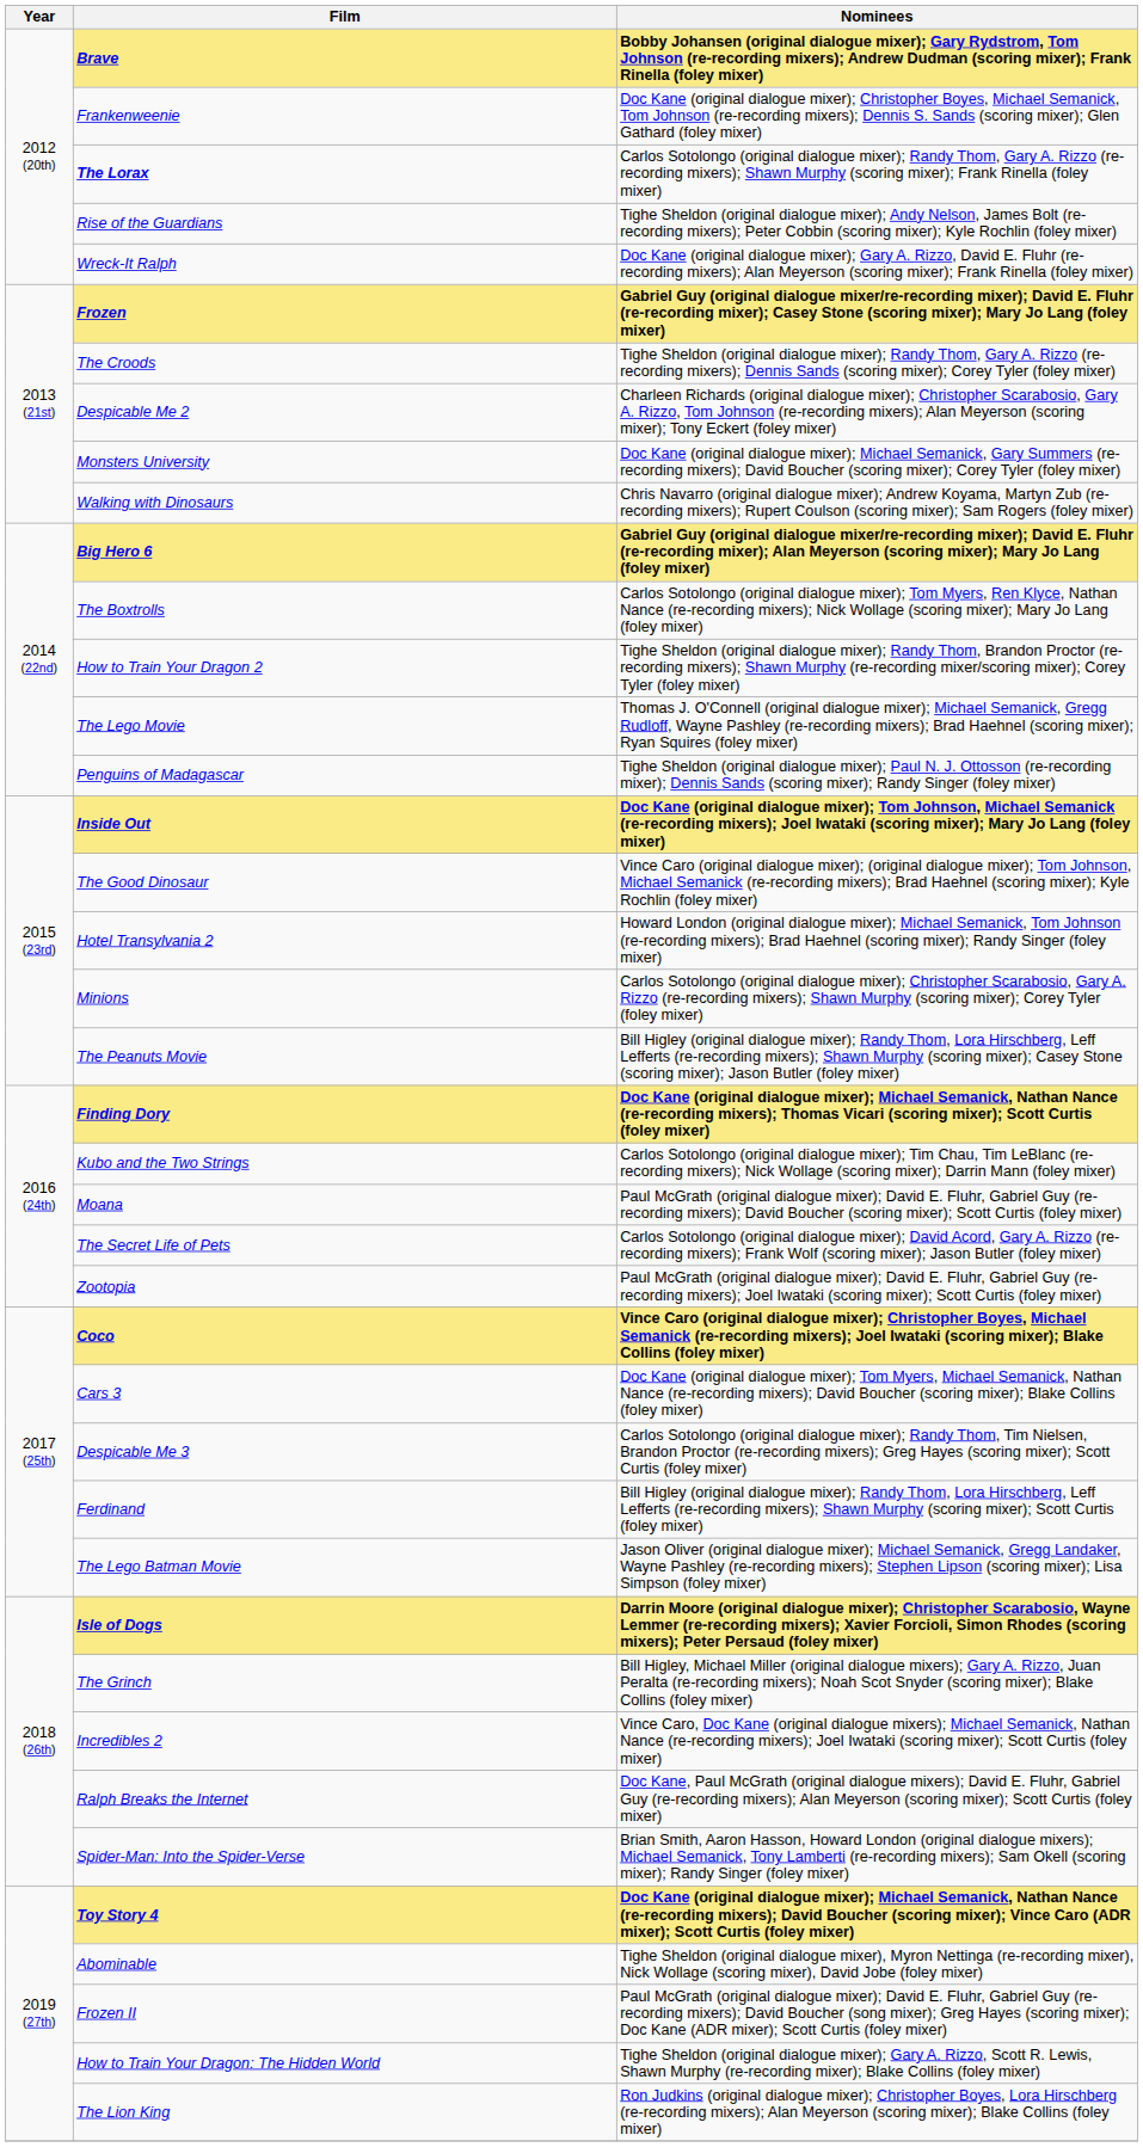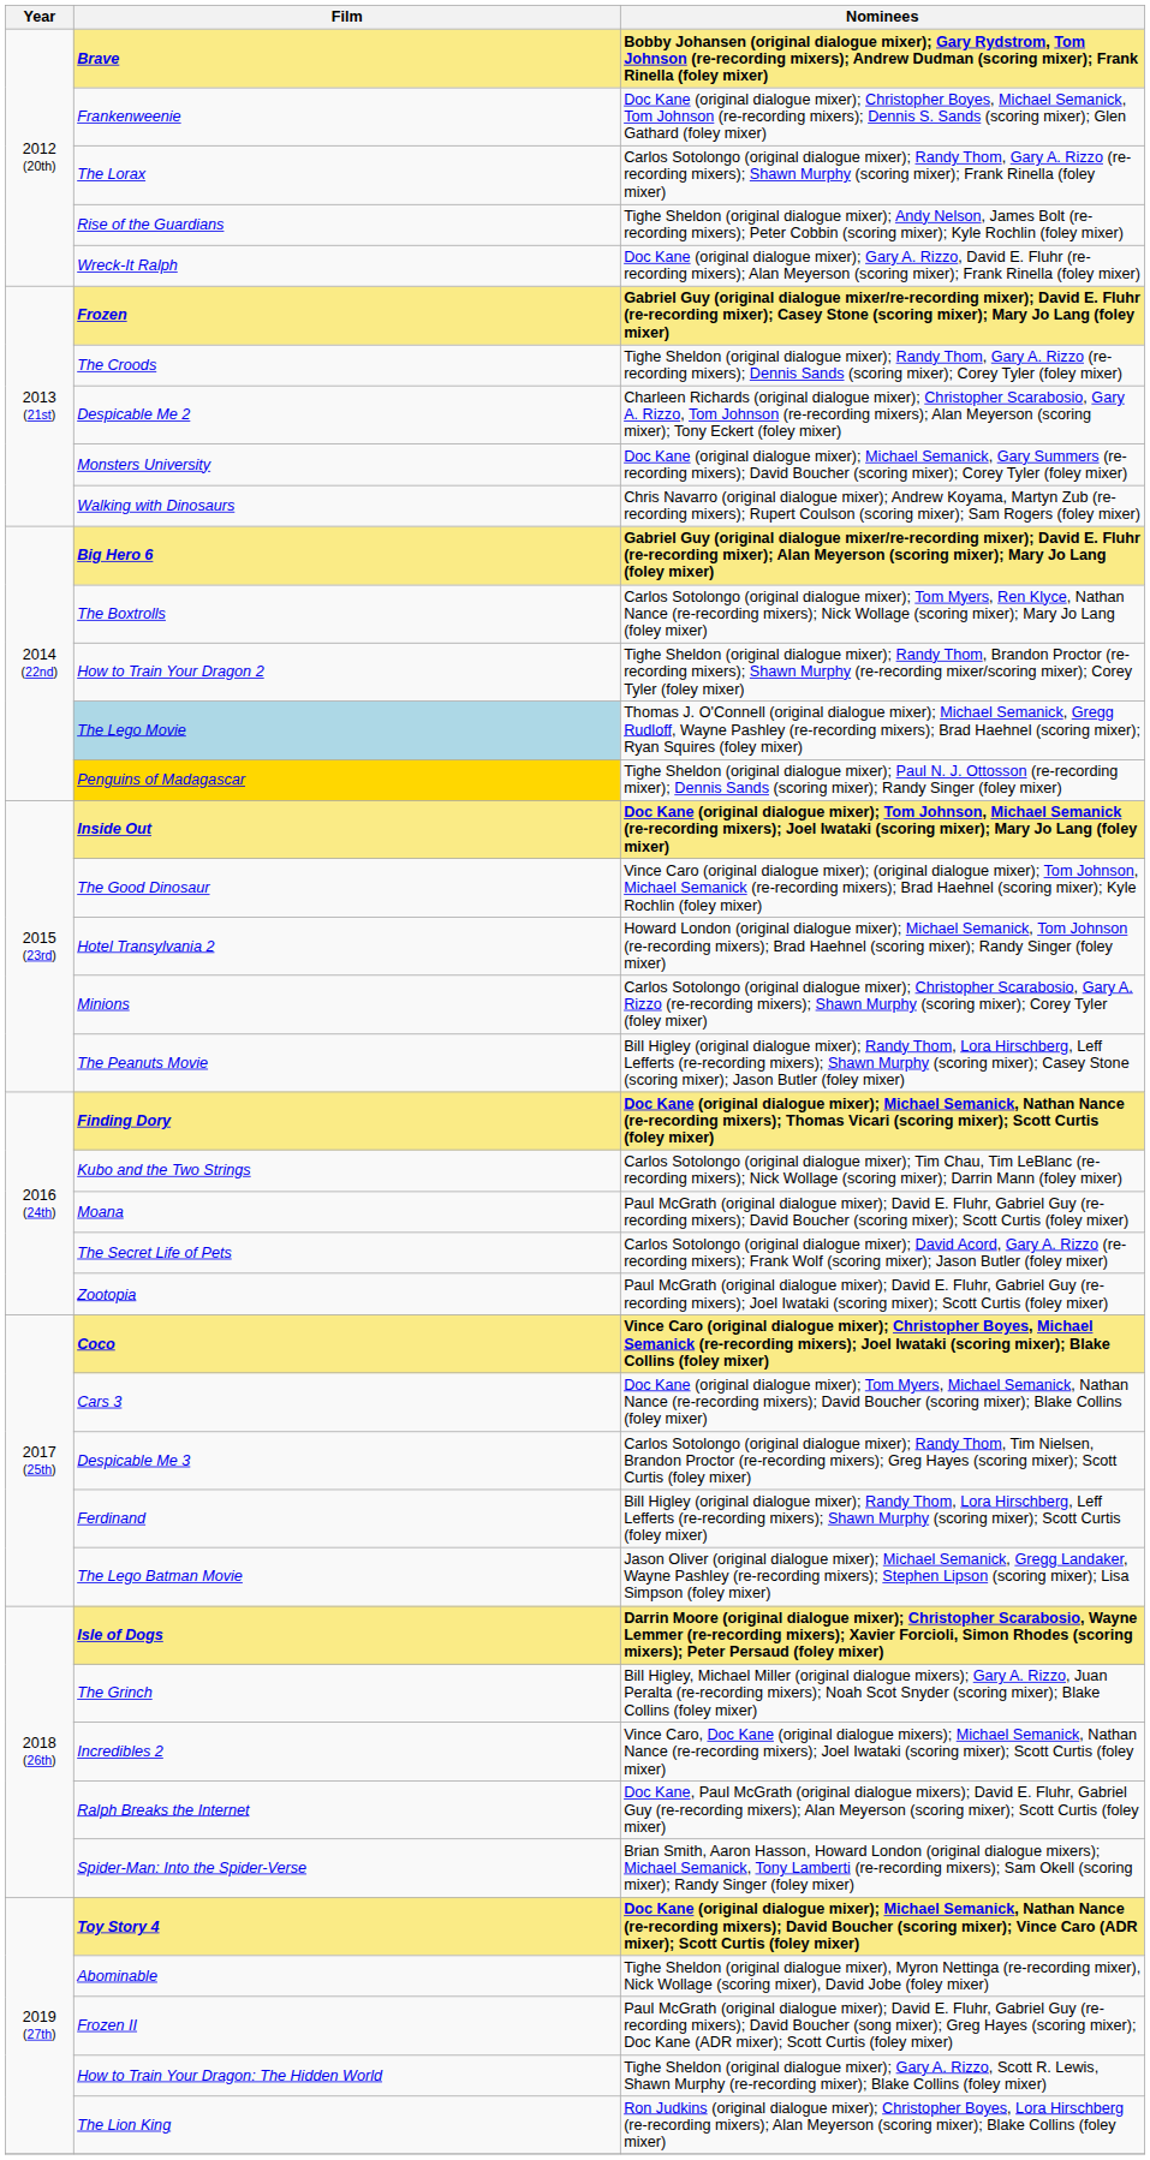 <table class="wikitable" width="95%" cellpadding="5">
 <tr>
 <th width="6%">Year</th>
 <th width="48%">Film</th>
 <th width="48%">Nominees</th>
 </tr>
 <tr>
 <td rowspan="5" style="text-align:center;">2012 <br><small>(20th)</small><br></td>
 <td style="background:#FAEB86;"><strong><em><a href='#'>Brave</a></em></strong></td>
 <td style="background:#FAEB86;"><strong>Bobby Johansen (original dialogue mixer); <a href='#'>Gary Rydstrom</a>, <a href='#'>Tom Johnson</a> (re-recording mixers); Andrew Dudman (scoring mixer); Frank Rinella (foley mixer)</strong></td>
 </tr>
 <tr>
 <td><em><a href='#'>Frankenweenie</a></em></td>
 <td><a href='#'>Doc Kane</a> (original dialogue mixer); <a href='#'>Christopher Boyes</a>, <a href='#'>Michael Semanick</a>, <a href='#'>Tom Johnson</a> (re-recording mixers); <a href='#'>Dennis S. Sands</a> (scoring mixer); Glen Gathard (foley mixer)</td>
 </tr>
 <tr>
-<td><strong><em><a href='#'>The Lorax</a></em></strong></td>
+<td><em><a href='#'>The Lorax</a></em></td>
 <td>Carlos Sotolongo (original dialogue mixer); <a href='#'>Randy Thom</a>, <a href='#'>Gary A. Rizzo</a> (re-recording mixers); <a href='#'>Shawn Murphy</a> (scoring mixer); Frank Rinella (foley mixer)</td>
 </tr>
 <tr>
 <td><em><a href='#'>Rise of the Guardians</a></em></td>
 <td>Tighe Sheldon (original dialogue mixer); <a href='#'>Andy Nelson</a>, James Bolt (re-recording mixers); Peter Cobbin (scoring mixer); Kyle Rochlin (foley mixer)</td>
 </tr>
 <tr>
 <td><em><a href='#'>Wreck-It Ralph</a></em></td>
 <td><a href='#'>Doc Kane</a> (original dialogue mixer); <a href='#'>Gary A. Rizzo</a>, David E. Fluhr (re-recording mixers); Alan Meyerson (scoring mixer); Frank Rinella (foley mixer)</td>
 </tr>
 <tr>
 <td rowspan="5" style="text-align:center;">2013 <br><small>(<a href='#'>21st</a>)</small><br></td>
 <td style="background:#FAEB86;"><strong><em><a href='#'>Frozen</a></em></strong></td>
 <td style="background:#FAEB86;"><strong>Gabriel Guy (original dialogue mixer/re-recording mixer); David E. Fluhr (re-recording mixer); Casey Stone (scoring mixer); Mary Jo Lang (foley mixer)</strong></td>
 </tr>
 <tr>
 <td><em><a href='#'>The Croods</a></em></td>
 <td>Tighe Sheldon (original dialogue mixer); <a href='#'>Randy Thom</a>, <a href='#'>Gary A. Rizzo</a> (re-recording mixers); <a href='#'>Dennis Sands</a> (scoring mixer); Corey Tyler (foley mixer)</td>
 </tr>
 <tr>
 <td><em><a href='#'>Despicable Me 2</a></em></td>
 <td>Charleen Richards (original dialogue mixer); <a href='#'>Christopher Scarabosio</a>, <a href='#'>Gary A. Rizzo</a>, <a href='#'>Tom Johnson</a> (re-recording mixers); Alan Meyerson (scoring mixer); Tony Eckert (foley mixer)</td>
 </tr>
 <tr>
 <td><em><a href='#'>Monsters University</a></em></td>
 <td><a href='#'>Doc Kane</a> (original dialogue mixer); <a href='#'>Michael Semanick</a>, <a href='#'>Gary Summers</a> (re-recording mixers); David Boucher (scoring mixer); Corey Tyler (foley mixer)</td>
 </tr>
 <tr>
 <td><em><a href='#'>Walking with Dinosaurs</a></em></td>
 <td>Chris Navarro (original dialogue mixer); Andrew Koyama, Martyn Zub (re-recording mixers); Rupert Coulson (scoring mixer); Sam Rogers (foley mixer)</td>
 </tr>
 <tr>
 <td rowspan="5" style="text-align:center;">2014 <br><small>(<a href='#'>22nd</a>)</small><br></td>
 <td style="background:#FAEB86;"><strong><em><a href='#'>Big Hero 6</a></em></strong></td>
 <td style="background:#FAEB86;"><strong>Gabriel Guy (original dialogue mixer/re-recording mixer); David E. Fluhr (re-recording mixer); Alan Meyerson (scoring mixer); Mary Jo Lang (foley mixer)</strong></td>
 </tr>
 <tr>
 <td><em><a href='#'>The Boxtrolls</a></em></td>
 <td>Carlos Sotolongo (original dialogue mixer); <a href='#'>Tom Myers</a>, <a href='#'>Ren Klyce</a>, Nathan Nance (re-recording mixers); Nick Wollage (scoring mixer); Mary Jo Lang (foley mixer)</td>
 </tr>
 <tr>
 <td><em><a href='#'>How to Train Your Dragon 2</a></em></td>
 <td>Tighe Sheldon (original dialogue mixer); <a href='#'>Randy Thom</a>, Brandon Proctor (re-recording mixers); <a href='#'>Shawn Murphy</a> (re-recording mixer/scoring mixer); Corey Tyler (foley mixer)</td>
 </tr>
 <tr>
-<td><em><a href='#'>The Lego Movie</a></em></td>
+<td style="background: lightblue;"><em><a href='#'>The Lego Movie</a></em></td>
 <td>Thomas J. O'Connell (original dialogue mixer); <a href='#'>Michael Semanick</a>, <a href='#'>Gregg Rudloff</a>, Wayne Pashley (re-recording mixers); Brad Haehnel (scoring mixer); Ryan Squires (foley mixer)</td>
 </tr>
 <tr>
-<td><em><a href='#'>Penguins of Madagascar</a></em></td>
+<td style="background: gold;"><em><a href='#'>Penguins of Madagascar</a></em></td>
 <td>Tighe Sheldon (original dialogue mixer); <a href='#'>Paul N. J. Ottosson</a> (re-recording mixer); <a href='#'>Dennis Sands</a> (scoring mixer); Randy Singer (foley mixer)</td>
 </tr>
 <tr>
 <td rowspan="5" style="text-align:center;">2015 <br><small>(<a href='#'>23rd</a>)</small><br></td>
 <td style="background:#FAEB86;"><strong><em><a href='#'>Inside Out</a></em></strong></td>
 <td style="background:#FAEB86;"><strong><a href='#'>Doc Kane</a> (original dialogue mixer); <a href='#'>Tom Johnson</a>, <a href='#'>Michael Semanick</a> (re-recording mixers); Joel Iwataki (scoring mixer); Mary Jo Lang (foley mixer)</strong></td>
 </tr>
 <tr>
 <td><em><a href='#'>The Good Dinosaur</a></em></td>
 <td>Vince Caro (original dialogue mixer); (original dialogue mixer); <a href='#'>Tom Johnson</a>, <a href='#'>Michael Semanick</a> (re-recording mixers); Brad Haehnel (scoring mixer); Kyle Rochlin (foley mixer)</td>
 </tr>
 <tr>
 <td><em><a href='#'>Hotel Transylvania 2</a></em></td>
 <td>Howard London (original dialogue mixer); <a href='#'>Michael Semanick</a>, <a href='#'>Tom Johnson</a> (re-recording mixers); Brad Haehnel (scoring mixer); Randy Singer (foley mixer)</td>
 </tr>
 <tr>
 <td><em><a href='#'>Minions</a></em></td>
 <td>Carlos Sotolongo (original dialogue mixer); <a href='#'>Christopher Scarabosio</a>, <a href='#'>Gary A. Rizzo</a> (re-recording mixers); <a href='#'>Shawn Murphy</a> (scoring mixer); Corey Tyler (foley mixer)</td>
 </tr>
 <tr>
 <td><em><a href='#'>The Peanuts Movie</a></em></td>
 <td>Bill Higley (original dialogue mixer); <a href='#'>Randy Thom</a>, <a href='#'>Lora Hirschberg</a>, Leff Lefferts (re-recording mixers); <a href='#'>Shawn Murphy</a> (scoring mixer); Casey Stone (scoring mixer); Jason Butler (foley mixer)</td>
 </tr>
 <tr>
 <td rowspan="5" style="text-align:center;">2016 <br><small>(<a href='#'>24th</a>)</small><br></td>
 <td style="background:#FAEB86;"><strong><em><a href='#'>Finding Dory</a></em></strong></td>
 <td style="background:#FAEB86;"><strong><a href='#'>Doc Kane</a> (original dialogue mixer); <a href='#'>Michael Semanick</a>, Nathan Nance (re-recording mixers); Thomas Vicari (scoring mixer); Scott Curtis (foley mixer)</strong></td>
 </tr>
 <tr>
 <td><em><a href='#'>Kubo and the Two Strings</a></em></td>
 <td>Carlos Sotolongo (original dialogue mixer); Tim Chau, Tim LeBlanc (re-recording mixers); Nick Wollage (scoring mixer); Darrin Mann (foley mixer)</td>
 </tr>
 <tr>
 <td><em><a href='#'>Moana</a></em></td>
 <td>Paul McGrath (original dialogue mixer); David E. Fluhr, Gabriel Guy (re-recording mixers); David Boucher (scoring mixer); Scott Curtis (foley mixer)</td>
 </tr>
 <tr>
 <td><em><a href='#'>The Secret Life of Pets</a></em></td>
 <td>Carlos Sotolongo (original dialogue mixer); <a href='#'>David Acord</a>, <a href='#'>Gary A. Rizzo</a> (re-recording mixers); Frank Wolf (scoring mixer); Jason Butler (foley mixer)</td>
 </tr>
 <tr>
 <td><em><a href='#'>Zootopia</a></em></td>
 <td>Paul McGrath (original dialogue mixer); David E. Fluhr, Gabriel Guy (re-recording mixers); Joel Iwataki (scoring mixer); Scott Curtis (foley mixer)</td>
 </tr>
 <tr>
 <td rowspan="5" style="text-align:center;">2017 <br><small>(<a href='#'>25th</a>)</small><br></td>
 <td style="background:#FAEB86;"><strong><em><a href='#'>Coco</a></em></strong></td>
 <td style="background:#FAEB86;"><strong>Vince Caro (original dialogue mixer); <a href='#'>Christopher Boyes</a>, <a href='#'>Michael Semanick</a> (re-recording mixers); Joel Iwataki (scoring mixer); Blake Collins (foley mixer)</strong></td>
 </tr>
 <tr>
 <td><em><a href='#'>Cars 3</a></em></td>
 <td><a href='#'>Doc Kane</a> (original dialogue mixer); <a href='#'>Tom Myers</a>, <a href='#'>Michael Semanick</a>, Nathan Nance (re-recording mixers); David Boucher (scoring mixer); Blake Collins (foley mixer)</td>
 </tr>
 <tr>
 <td><em><a href='#'>Despicable Me 3</a></em></td>
 <td>Carlos Sotolongo (original dialogue mixer); <a href='#'>Randy Thom</a>, Tim Nielsen, Brandon Proctor (re-recording mixers); Greg Hayes (scoring mixer); Scott Curtis (foley mixer)</td>
 </tr>
 <tr>
 <td><em><a href='#'>Ferdinand</a></em></td>
 <td>Bill Higley (original dialogue mixer); <a href='#'>Randy Thom</a>, <a href='#'>Lora Hirschberg</a>, Leff Lefferts (re-recording mixers); <a href='#'>Shawn Murphy</a> (scoring mixer); Scott Curtis (foley mixer)</td>
 </tr>
 <tr>
 <td><em><a href='#'>The Lego Batman Movie</a></em></td>
 <td>Jason Oliver (original dialogue mixer); <a href='#'>Michael Semanick</a>, <a href='#'>Gregg Landaker</a>, Wayne Pashley (re-recording mixers); <a href='#'>Stephen Lipson</a> (scoring mixer); Lisa Simpson (foley mixer)</td>
 </tr>
 <tr>
 <td rowspan="5" style="text-align:center;">2018 <br><small>(<a href='#'>26th</a>)</small><br></td>
 <td style="background:#FAEB86;"><strong><em><a href='#'>Isle of Dogs</a></em></strong></td>
 <td style="background:#FAEB86;"><strong>Darrin Moore (original dialogue mixer); <a href='#'>Christopher Scarabosio</a>, Wayne Lemmer (re-recording mixers); Xavier Forcioli, Simon Rhodes (scoring mixers); Peter Persaud (foley mixer)</strong></td>
 </tr>
 <tr>
 <td><em><a href='#'>The Grinch</a></em></td>
 <td>Bill Higley, Michael Miller (original dialogue mixers); <a href='#'>Gary A. Rizzo</a>, Juan Peralta (re-recording mixers); Noah Scot Snyder (scoring mixer); Blake Collins (foley mixer)</td>
 </tr>
 <tr>
 <td><em><a href='#'>Incredibles 2</a></em></td>
 <td>Vince Caro, <a href='#'>Doc Kane</a> (original dialogue mixers); <a href='#'>Michael Semanick</a>, Nathan Nance (re-recording mixers); Joel Iwataki (scoring mixer); Scott Curtis (foley mixer)</td>
 </tr>
 <tr>
 <td><em><a href='#'>Ralph Breaks the Internet</a></em></td>
 <td><a href='#'>Doc Kane</a>, Paul McGrath (original dialogue mixers); David E. Fluhr, Gabriel Guy (re-recording mixers); Alan Meyerson (scoring mixer); Scott Curtis (foley mixer)</td>
 </tr>
 <tr>
 <td><em><a href='#'>Spider-Man: Into the Spider-Verse</a></em></td>
 <td>Brian Smith, Aaron Hasson, Howard London (original dialogue mixers); <a href='#'>Michael Semanick</a>, <a href='#'>Tony Lamberti</a> (re-recording mixers); Sam Okell (scoring mixer); Randy Singer (foley mixer)</td>
 </tr>
 <tr>
 <td rowspan="5" style="text-align:center;">2019 <br><small>(<a href='#'>27th</a>)</small><br></td>
 <td style="background:#FAEB86;"><strong><em><a href='#'>Toy Story 4</a></em></strong></td>
 <td style="background:#FAEB86;"><strong><a href='#'>Doc Kane</a> (original dialogue mixer); <a href='#'>Michael Semanick</a>, Nathan Nance (re-recording mixers); David Boucher (scoring mixer); Vince Caro (ADR mixer); Scott Curtis (foley mixer)</strong></td>
 </tr>
 <tr>
 <td><em><a href='#'>Abominable</a></em></td>
 <td>Tighe Sheldon (original dialogue mixer), Myron Nettinga (re-recording mixer), Nick Wollage (scoring mixer), David Jobe (foley mixer)</td>
 </tr>
 <tr>
 <td><em><a href='#'>Frozen II</a></em></td>
 <td>Paul McGrath (original dialogue mixer); David E. Fluhr, Gabriel Guy (re-recording mixers); David Boucher (song mixer); Greg Hayes (scoring mixer); Doc Kane (ADR mixer); Scott Curtis (foley mixer)</td>
 </tr>
 <tr>
 <td><em><a href='#'>How to Train Your Dragon: The Hidden World</a></em></td>
 <td>Tighe Sheldon (original dialogue mixer); <a href='#'>Gary A. Rizzo</a>, Scott R. Lewis, Shawn Murphy (re-recording mixer); Blake Collins (foley mixer)</td>
 </tr>
 <tr>
 <td><em><a href='#'>The Lion King</a></em></td>
 <td><a href='#'>Ron Judkins</a> (original dialogue mixer); <a href='#'>Christopher Boyes</a>, <a href='#'>Lora Hirschberg</a> (re-recording mixers); Alan Meyerson (scoring mixer); Blake Collins (foley mixer)</td>
 </tr>
 <tr>
 </tr>
 </table>
